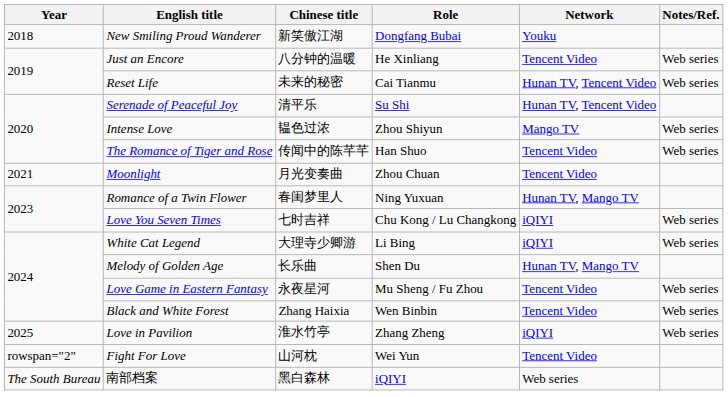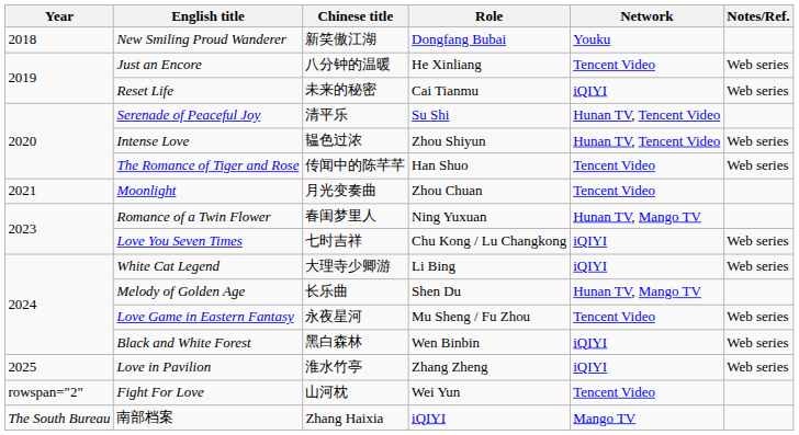 <table class="wikitable">
 <tr>
 <th>Year</th>
 <th>English title</th>
 <th>Chinese title</th>
 <th>Role</th>
 <th>Network</th>
 <th class="unsortable">Notes/Ref.</th>
 </tr>
 <tr>
 <td>2018</td>
 <td><em>New Smiling Proud Wanderer</em></td>
 <td>新笑傲江湖</td>
 <td><a href='#'>Dongfang Bubai</a></td>
 <td><a href='#'>Youku</a></td>
 <td></td>
 </tr>
 <tr>
 <td rowspan="2">2019</td>
 <td><em>Just an Encore</em></td>
 <td>八分钟的温暖</td>
 <td>He Xinliang</td>
 <td><a href='#'>Tencent Video</a></td>
 <td>Web series</td>
 </tr>
 <tr>
 <td><em>Reset Life</em></td>
 <td>未来的秘密</td>
 <td>Cai Tianmu</td>
-<td><a href='#'>Hunan TV</a>, <a href='#'>Tencent Video</a></td>
+<td><a href='#'>iQIYI</a></td>
 <td>Web series</td>
 </tr>
 <tr>
 <td rowspan="3">2020</td>
 <td><em><a href='#'>Serenade of Peaceful Joy</a></em></td>
 <td>清平乐</td>
 <td><a href='#'>Su Shi</a></td>
 <td><a href='#'>Hunan TV</a>, <a href='#'>Tencent Video</a></td>
 <td></td>
 </tr>
 <tr>
 <td><em>Intense Love</em></td>
 <td>韫色过浓</td>
 <td>Zhou Shiyun</td>
-<td><a href='#'>Mango TV</a></td>
+<td><a href='#'>Hunan TV</a>, <a href='#'>Tencent Video</a></td>
 <td>Web series</td>
 </tr>
 <tr>
 <td><em><a href='#'>The Romance of Tiger and Rose</a></em></td>
 <td>传闻中的陈芊芊</td>
 <td>Han Shuo</td>
 <td><a href='#'>Tencent Video</a></td>
 <td>Web series</td>
 </tr>
 <tr>
 <td>2021</td>
 <td><em><a href='#'>Moonlight</a></em></td>
 <td>月光变奏曲</td>
 <td>Zhou Chuan</td>
 <td><a href='#'>Tencent Video</a></td>
 <td></td>
 </tr>
 <tr>
 <td rowspan="2">2023</td>
 <td><em>Romance of a Twin Flower</em></td>
 <td>春闺梦里人</td>
 <td>Ning Yuxuan</td>
 <td><a href='#'>Hunan TV</a>, <a href='#'>Mango TV</a></td>
 <td></td>
 </tr>
 <tr>
 <td><em><a href='#'>Love You Seven Times</a></em></td>
 <td>七时吉祥</td>
 <td>Chu Kong / Lu Changkong</td>
 <td><a href='#'>iQIYI</a></td>
 <td>Web series</td>
 </tr>
 <tr>
 <td rowspan="4">2024</td>
 <td><em>White Cat Legend</em></td>
 <td>大理寺少卿游</td>
 <td>Li Bing</td>
 <td><a href='#'>iQIYI</a></td>
 <td>Web series</td>
 </tr>
 <tr>
 <td><em>Melody of Golden Age</em></td>
 <td>长乐曲</td>
 <td>Shen Du</td>
 <td><a href='#'>Hunan TV</a>, <a href='#'>Mango TV</a></td>
 <td></td>
 </tr>
 <tr>
 <td><em><a href='#'>Love Game in Eastern Fantasy</a></em></td>
 <td>永夜星河</td>
 <td>Mu Sheng / Fu Zhou</td>
 <td><a href='#'>Tencent Video</a></td>
 <td>Web series</td>
 </tr>
 <tr>
 <td><em>Black and White Forest</em></td>
-<td>Zhang Haixia</td>
+<td>黑白森林</td>
 <td>Wen Binbin</td>
-<td><a href='#'>Tencent Video</a></td>
+<td><a href='#'>iQIYI</a></td>
 <td>Web series</td>
 </tr>
 <tr>
 <td>2025</td>
 <td><em>Love in Pavilion</em></td>
 <td>淮水竹亭</td>
 <td>Zhang Zheng</td>
 <td><a href='#'>iQIYI</a></td>
 <td>Web series</td>
 </tr>
 <tr>
 <td>rowspan="2" </td>
 <td><em>Fight For Love</em></td>
 <td>山河枕</td>
 <td>Wei Yun</td>
 <td><a href='#'>Tencent Video</a></td>
 <td></td>
 </tr>
 <tr>
 <td><em>The South Bureau</em></td>
 <td>南部档案</td>
-<td>黑白森林</td>
+<td>Zhang Haixia</td>
 <td><a href='#'>iQIYI</a></td>
-<td>Web series</td>
+<td><a href='#'>Mango TV</a></td>
 </tr>
 </table>
